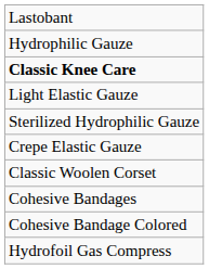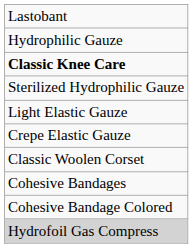 <table class="wikitable">
 <tr>
 <td>Lastobant</td>
 </tr>
 <tr>
 <td>Hydrophilic Gauze</td>
 </tr>
 <tr>
 <td><strong>Classic Knee Care</strong></td>
 </tr>
 <tr>
-<td>Light Elastic Gauze</td>
+<td>Sterilized Hydrophilic Gauze</td>
 </tr>
 <tr>
-<td>Sterilized Hydrophilic Gauze</td>
+<td>Light Elastic Gauze</td>
 </tr>
 <tr>
 <td>Crepe Elastic Gauze</td>
 </tr>
 <tr>
 <td>Classic Woolen Corset</td>
 </tr>
 <tr>
 <td>Cohesive Bandages</td>
 </tr>
 <tr>
 <td>Cohesive Bandage Colored</td>
 </tr>
 <tr>
-<td>Hydrofoil Gas Compress</td>
+<td style="background: lightgrey;">Hydrofoil Gas Compress</td>
 </tr>
 </table>
